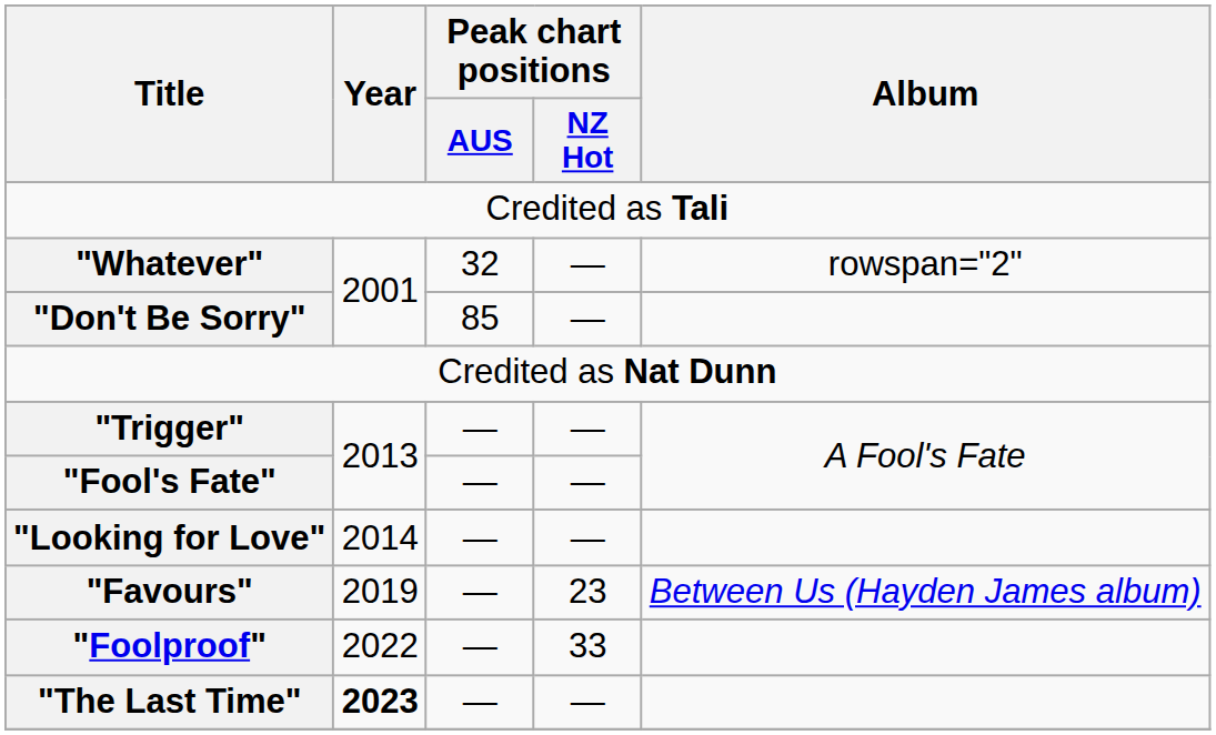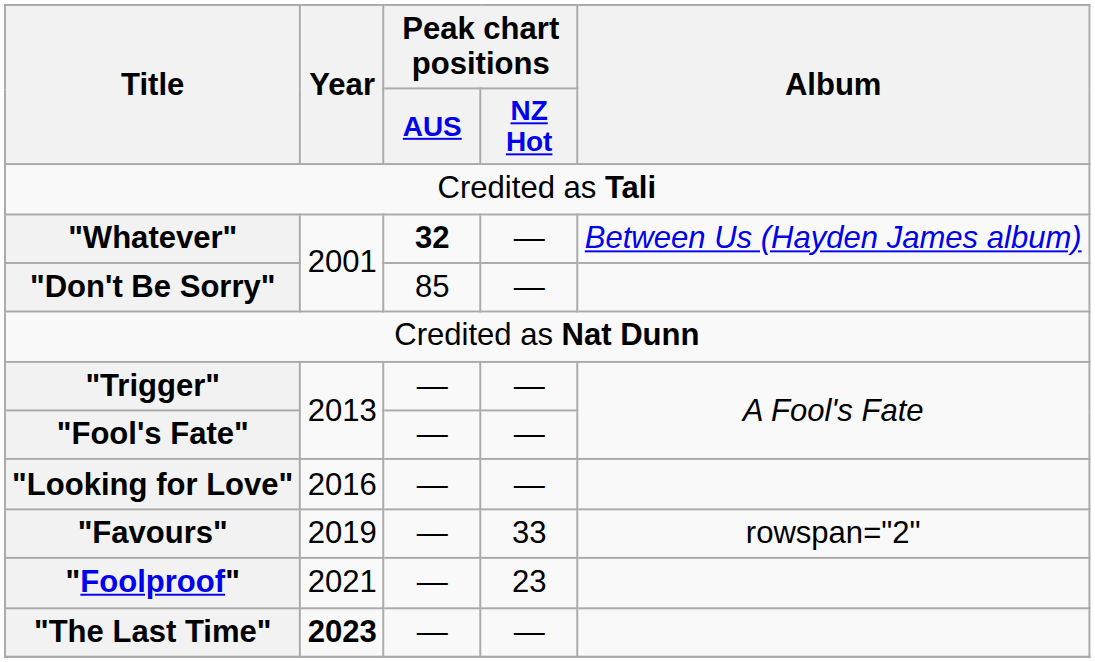 <table class="wikitable plainrowheaders" style="text-align:center;">
 <tr>
 <th scope="col" rowspan="2">Title</th>
 <th scope="col" rowspan="2">Year</th>
 <th scope="col" colspan="2">Peak chart positions</th>
 <th scope="col" rowspan="2">Album</th>
 </tr>
 <tr>
 <th scope="col" style="width:3em;font-size:90%;"><a href='#'>AUS</a><br></th>
 <th scope="col" style="width:3em;font-size:90%;"><a href='#'>NZ<br>Hot</a><br></th>
 </tr>
 <tr>
 <td colspan=6>Credited as <strong>Tali</strong></td>
 </tr>
 <tr>
 <th scope="row">"Whatever"</th>
 <td rowspan="2">2001</td>
-<td>32</td>
+<td><strong>32</strong></td>
 <td>—</td>
-<td>rowspan="2" </td>
+<td><em><a href='#'>Between Us (Hayden James album)</a></em></td>
 </tr>
 <tr>
 <th scope="row">"Don't Be Sorry"</th>
 <td>85</td>
 <td>—</td>
 </tr>
 <tr>
 <td colspan=6>Credited as <strong>Nat Dunn</strong></td>
 </tr>
 <tr>
 <th scope="row">"Trigger"</th>
 <td rowspan="2">2013</td>
 <td>—</td>
 <td>—</td>
 <td rowspan="2"><em>A Fool's Fate</em></td>
 </tr>
 <tr>
 <th scope="row">"Fool's Fate"</th>
 <td>—</td>
 <td>—</td>
 </tr>
 <tr>
 <th scope="row">"Looking for Love"<br></th>
-<td>2014</td>
+<td>2016</td>
 <td>—</td>
 <td>—</td>
 <td></td>
 </tr>
 <tr>
 <th scope="row">"Favours"<br></th>
 <td>2019</td>
 <td>—</td>
-<td>23</td>
-<td><em><a href='#'>Between Us (Hayden James album)</a></em></td>
+<td>33</td>
+<td>rowspan="2" </td>
 </tr>
 <tr>
 <th scope="row">"<a href='#'>Foolproof</a>"<br></th>
-<td>2022</td>
+<td>2021</td>
 <td>—</td>
-<td>33</td>
+<td>23</td>
 <td></td>
 </tr>
 <tr>
 <th scope="row">"The Last Time"</th>
 <td><strong>2023</strong></td>
 <td>—</td>
 <td>—</td>
 <td></td>
 </tr>
 <tr>
 </tr>
 </table>
